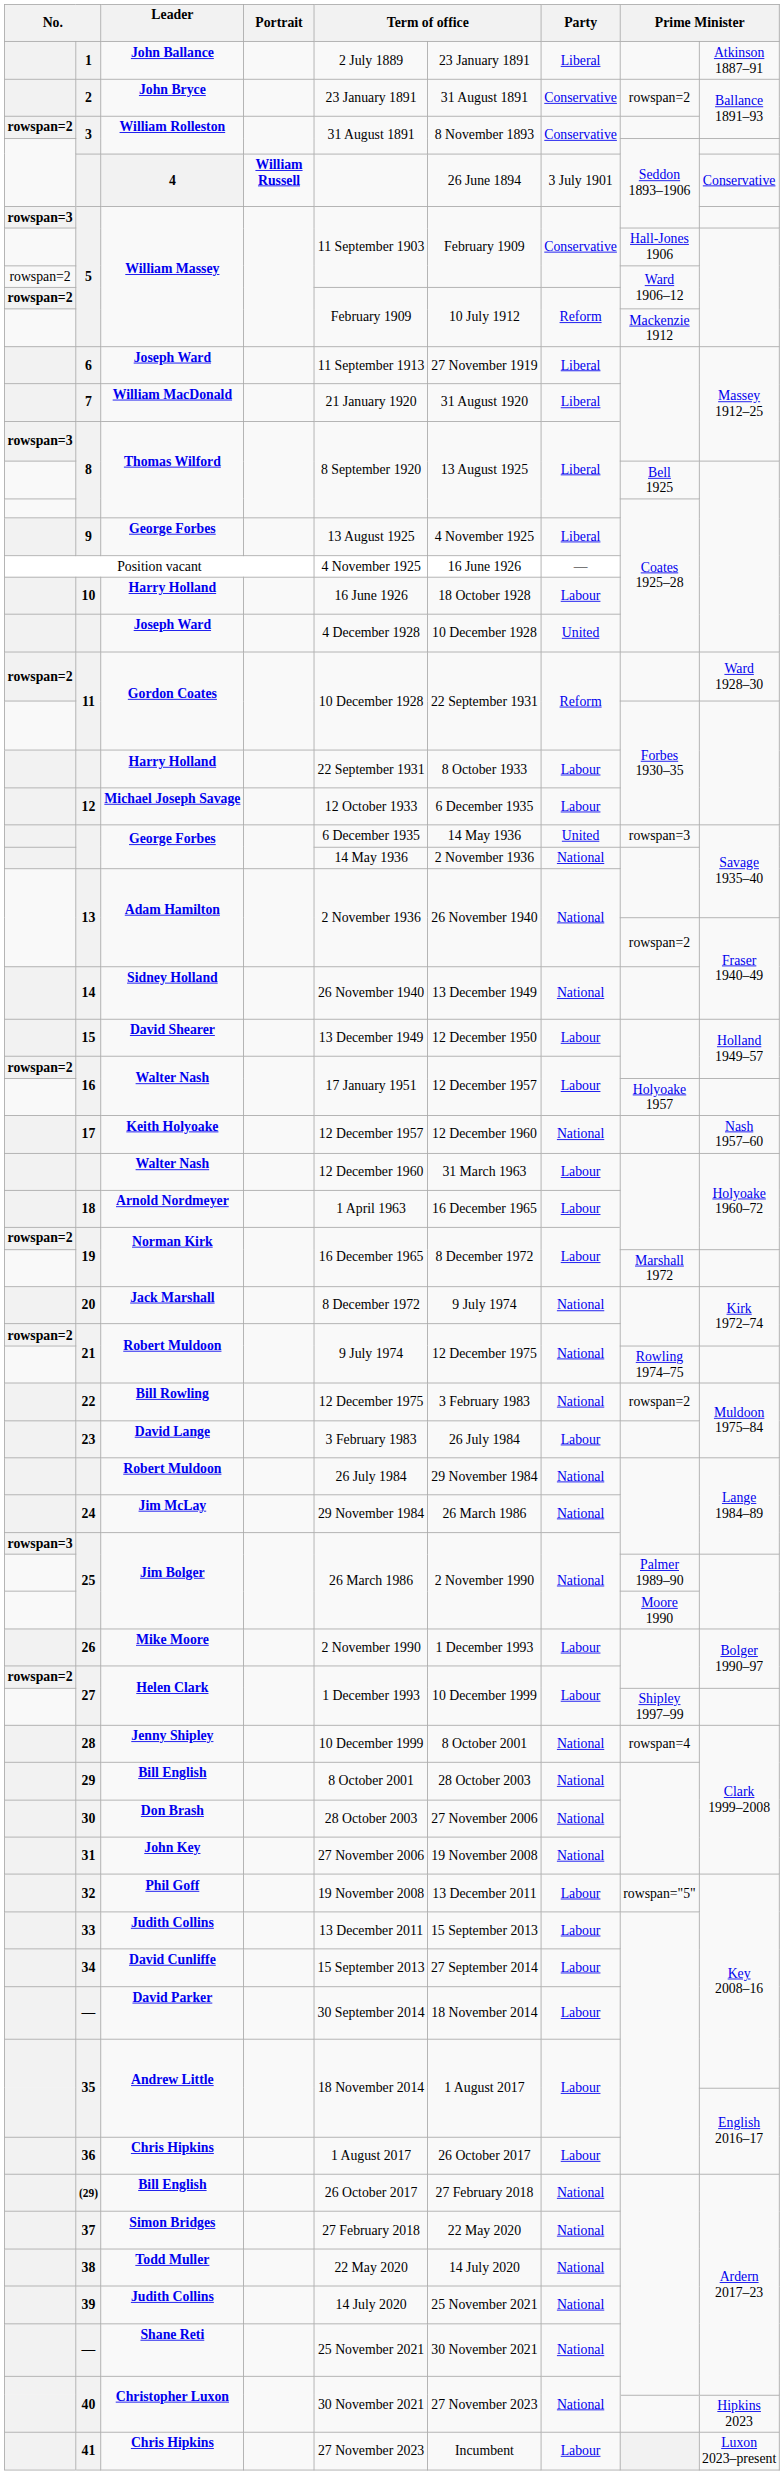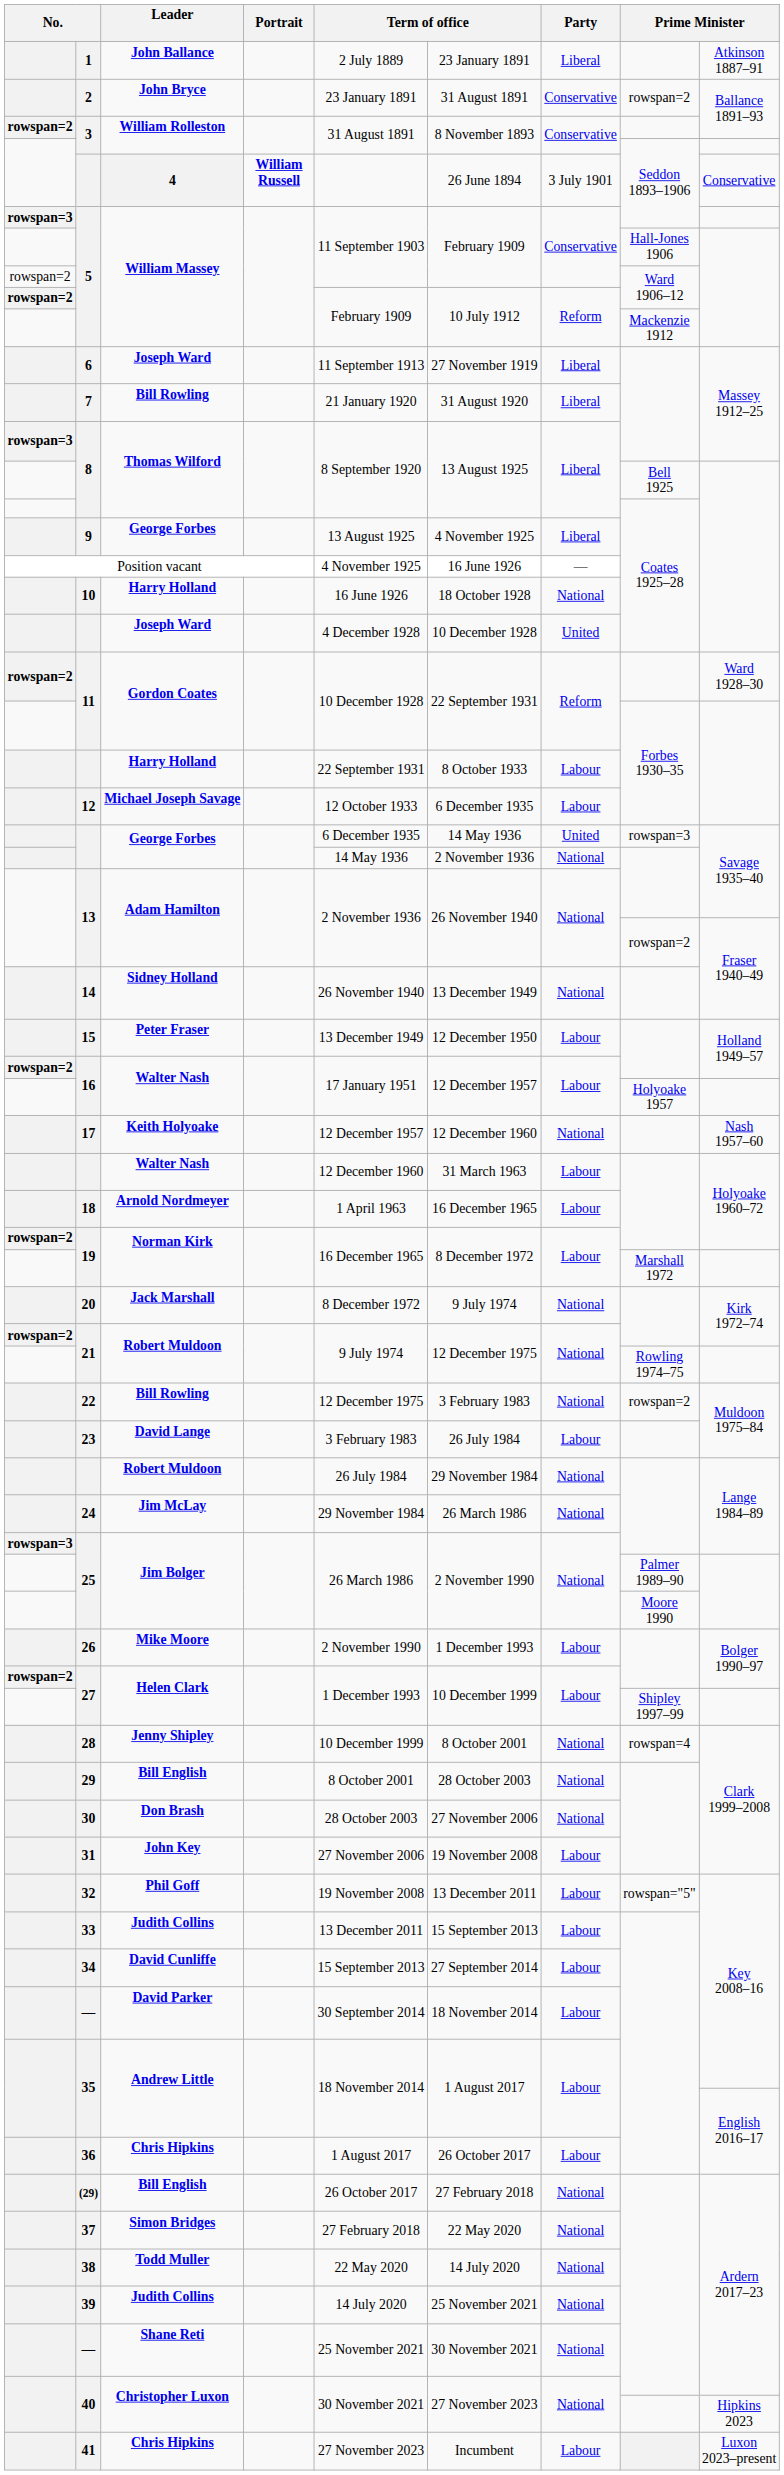 <table class="wikitable" style="text-align:center">
 <tr>
 <th colspan=2>No.</th>
 <th>Leader<br><br></th>
 <th width="75">Portrait</th>
 <th colspan=2>Term of office</th>
 <th>Party</th>
 <th colspan=2>Prime Minister</th>
 </tr>
 <tr>
 <th></th>
 <th>1</th>
 <td><strong><a href='#'>John Ballance</a></strong><br><br></td>
 <td></td>
 <td>2 July 1889</td>
 <td>23 January 1891</td>
 <td><a href='#'>Liberal</a></td>
 <td></td>
 <td><a href='#'>Atkinson</a><br>1887–91</td>
 </tr>
 <tr>
 <th></th>
 <th>2</th>
 <td><strong><a href='#'>John Bryce</a></strong><br><br></td>
 <td></td>
 <td>23 January 1891</td>
 <td>31 August 1891</td>
 <td><a href='#'>Conservative</a></td>
 <td>rowspan=2 </td>
 <td rowspan=2><a href='#'>Ballance</a><br>1891–93</td>
 </tr>
 <tr>
 <th>rowspan=2 </th>
 <th rowspan=2>3</th>
 <td rowspan=2><strong><a href='#'>William Rolleston</a></strong><br><br></td>
 <td rowspan=2></td>
 <td rowspan=2>31 August 1891</td>
 <td rowspan=2>8 November 1893</td>
 <td rowspan=2><a href='#'>Conservative</a></td>
 </tr>
 <tr>
 <td rowspan=2 style="border-bottom:solid 0 grey; background:"></td>
 <td rowspan=3><a href='#'>Seddon</a><br>1893–1906</td>
 </tr>
 <tr>
 <th></th>
 <th>4</th>
 <td><strong><a href='#'>William Russell</a></strong><br><br></td>
 <td></td>
 <td>26 June 1894</td>
 <td>3 July 1901</td>
 <td><a href='#'>Conservative</a></td>
 </tr>
 <tr>
 <th>rowspan=3 </th>
 <th rowspan=5>5</th>
 <td rowspan=5><strong><a href='#'>William Massey</a></strong><br><br></td>
 <td rowspan=5></td>
 <td rowspan=3>11 September 1903</td>
 <td rowspan=3>February 1909</td>
 <td rowspan=3><a href='#'>Conservative</a></td>
 <td height=15 style="border-top:solid 0 grey; background:"></td>
 </tr>
 <tr>
 <td></td>
 <td><a href='#'>Hall-Jones</a><br>1906</td>
 </tr>
 <tr>
 <td>rowspan=2 </td>
 <td rowspan=2><a href='#'>Ward</a><br>1906–12</td>
 </tr>
 <tr>
 <th>rowspan=2 </th>
 <td rowspan=2>February 1909</td>
 <td rowspan=2>10 July 1912</td>
 <td rowspan=2><a href='#'>Reform</a></td>
 </tr>
 <tr>
 <td></td>
 <td><a href='#'>Mackenzie</a><br>1912</td>
 </tr>
 <tr>
 <th></th>
 <th>6</th>
 <td><strong><a href='#'>Joseph Ward</a></strong><br><br></td>
 <td></td>
 <td>11 September 1913</td>
 <td>27 November 1919</td>
 <td><a href='#'>Liberal</a></td>
 <td rowspan=2 style="border-bottom:solid 0 grey; background:"></td>
 <td rowspan=3><a href='#'>Massey</a><br>1912–25</td>
 </tr>
 <tr>
 <th></th>
 <th>7</th>
-<td><strong><a href='#'>William MacDonald</a></strong><br><br></td>
+<td><strong><a href='#'>Bill Rowling</a></strong><br><br></td>
 <td></td>
 <td>21 January 1920</td>
 <td>31 August 1920</td>
 <td><a href='#'>Liberal</a></td>
 </tr>
 <tr>
 <th>rowspan=3 </th>
 <th rowspan=3>8</th>
 <td rowspan=3><strong><a href='#'>Thomas Wilford</a></strong><br><br></td>
 <td rowspan=3></td>
 <td rowspan=3>8 September 1920</td>
 <td rowspan=3>13 August 1925</td>
 <td rowspan=3><a href='#'>Liberal</a></td>
 <td height=40 style="border-top:solid 0 grey; background:"></td>
 </tr>
 <tr>
 <td height=5 style="background:"></td>
 <td><a href='#'>Bell</a><br>1925</td>
 </tr>
 <tr>
 <td height=15 style="border-bottom:solid 0 grey; background:"></td>
 <td rowspan=5><a href='#'>Coates</a><br>1925–28</td>
 </tr>
 <tr>
 <th></th>
 <th>9</th>
 <td><strong><a href='#'>George Forbes</a></strong><br><br></td>
 <td></td>
 <td>13 August 1925</td>
 <td>4 November 1925</td>
 <td><a href='#'>Liberal</a></td>
 <td rowspan=4 style="border-top:solid 0 grey; background:"></td>
 </tr>
 <tr bgcolor=white>
 <td colspan=4 align=center>Position vacant<br></td>
 <td>4 November 1925</td>
 <td>16 June 1926</td>
 <td>—</td>
 </tr>
 <tr>
 <th></th>
 <th>10</th>
 <td><strong><a href='#'>Harry Holland</a></strong><br><br></td>
 <td></td>
 <td>16 June 1926</td>
 <td>18 October 1928</td>
-<td><a href='#'>Labour</a></td>
+<td><a href='#'>National</a></td>
 </tr>
 <tr>
 <th></th>
 <th></th>
 <td><strong><a href='#'>Joseph Ward</a></strong><br><br></td>
 <td></td>
 <td>4 December 1928</td>
 <td>10 December 1928</td>
 <td><a href='#'>United</a></td>
 </tr>
 <tr>
 <th>rowspan=2 </th>
 <th rowspan=2>11</th>
 <td rowspan=2><strong><a href='#'>Gordon Coates</a></strong><br><br></td>
 <td rowspan=2></td>
 <td rowspan=2>10 December 1928</td>
 <td rowspan=2>22 September 1931</td>
 <td rowspan=2><a href='#'>Reform</a></td>
 <td height=50 style="background:"></td>
 <td><a href='#'>Ward</a><br>1928–30</td>
 </tr>
 <tr>
 <td height=50 style="border-bottom:solid 0 grey; background:"></td>
 <td rowspan=3><a href='#'>Forbes</a><br>1930–35</td>
 </tr>
 <tr>
 <th></th>
 <th></th>
 <td><strong><a href='#'>Harry Holland</a></strong><br><br></td>
 <td></td>
 <td>22 September 1931</td>
 <td>8 October 1933</td>
 <td><a href='#'>Labour</a></td>
 <td rowspan=2 style="border-top:solid 0 grey; background:"></td>
 </tr>
 <tr>
 <th></th>
 <th>12</th>
 <td><strong><a href='#'>Michael Joseph Savage</a></strong><br><br></td>
 <td></td>
 <td>12 October 1933</td>
 <td>6 December 1935</td>
 <td><a href='#'>Labour</a></td>
 </tr>
 <tr>
 <th></th>
 <th rowspan=2></th>
 <td rowspan=2><strong><a href='#'>George Forbes</a></strong><br><br></td>
 <td rowspan=2></td>
 <td>6 December 1935</td>
 <td>14 May 1936</td>
 <td><a href='#'>United</a></td>
 <td>rowspan=3 </td>
 <td rowspan=3><a href='#'>Savage</a><br>1935–40</td>
 </tr>
 <tr>
 <th></th>
 <td>14 May 1936</td>
 <td>2 November 1936</td>
 <td><a href='#'>National</a></td>
 </tr>
 <tr>
 <td height=50 style="border-bottom:solid 0 grey; background:"></td>
 <th rowspan=2>13</th>
 <td rowspan=2><strong><a href='#'>Adam Hamilton</a></strong><br><br></td>
 <td rowspan=2></td>
 <td rowspan=2>2 November 1936</td>
 <td rowspan=2>26 November 1940</td>
 <td rowspan=2><a href='#'>National</a></td>
 </tr>
 <tr>
 <td height=50 style="border-top:solid 0 grey; background:"></td>
 <td>rowspan=2 </td>
 <td rowspan=2><a href='#'>Fraser</a><br>1940–49</td>
 </tr>
 <tr>
 <th></th>
 <th>14</th>
 <td><strong><a href='#'>Sidney Holland</a></strong><br><br><br></td>
 <td></td>
 <td>26 November 1940</td>
 <td>13 December 1949</td>
 <td><a href='#'>National</a></td>
 </tr>
 <tr>
 <th></th>
 <th>15</th>
-<td><strong><a href='#'>David Shearer</a></strong><br><br></td>
+<td><strong><a href='#'>Peter Fraser</a></strong><br><br></td>
 <td></td>
 <td>13 December 1949</td>
 <td>12 December 1950</td>
 <td><a href='#'>Labour</a></td>
 <td style="border-bottom:solid 0 grey; background:"></td>
 <td rowspan=2><a href='#'>Holland</a><br>1949–57</td>
 </tr>
 <tr>
 <th>rowspan=2 </th>
 <th rowspan=2>16</th>
 <td rowspan=2><strong><a href='#'>Walter Nash</a></strong><br><br></td>
 <td rowspan=2></td>
 <td rowspan=2>17 January 1951</td>
 <td rowspan=2>12 December 1957</td>
 <td rowspan=2><a href='#'>Labour</a></td>
 <td height=15 style="border-top:solid 0 grey; background:"></td>
 </tr>
 <tr>
 <td height=15 style="background:"></td>
 <td><a href='#'>Holyoake</a><br>1957</td>
 </tr>
 <tr>
 <th></th>
 <th>17</th>
 <td><strong><a href='#'>Keith Holyoake</a></strong><br><br></td>
 <td></td>
 <td>12 December 1957</td>
 <td>12 December 1960</td>
 <td><a href='#'>National</a></td>
 <td></td>
 <td><a href='#'>Nash</a><br>1957–60</td>
 </tr>
 <tr>
 <th></th>
 <th></th>
 <td><strong><a href='#'>Walter Nash</a></strong><br><br></td>
 <td></td>
 <td>12 December 1960</td>
 <td>31 March 1963</td>
 <td><a href='#'>Labour</a></td>
 <td rowspan=2 style="border-bottom:solid 0 grey; background:"></td>
 <td rowspan=3><a href='#'>Holyoake</a><br>1960–72</td>
 </tr>
 <tr>
 <th></th>
 <th>18</th>
 <td><strong><a href='#'>Arnold Nordmeyer</a></strong><br><br></td>
 <td></td>
 <td>1 April 1963</td>
 <td>16 December 1965</td>
 <td><a href='#'>Labour</a></td>
 </tr>
 <tr>
 <th>rowspan=2 </th>
 <th rowspan=2>19</th>
 <td rowspan=2><strong><a href='#'>Norman Kirk</a></strong><br><br><br></td>
 <td rowspan=2></td>
 <td rowspan=2>16 December 1965</td>
 <td rowspan=2>8 December 1972</td>
 <td rowspan=2><a href='#'>Labour</a></td>
 <td height=15 style="border-top:solid 0 grey; background:"></td>
 </tr>
 <tr>
 <td height=15 style="background:"></td>
 <td><a href='#'>Marshall</a><br>1972</td>
 </tr>
 <tr>
 <th></th>
 <th>20</th>
 <td><strong><a href='#'>Jack Marshall</a></strong><br><br></td>
 <td></td>
 <td>8 December 1972</td>
 <td>9 July 1974</td>
 <td><a href='#'>National</a></td>
 <td style="border-bottom:solid 0 grey; background:"></td>
 <td rowspan=2><a href='#'>Kirk</a><br>1972–74</td>
 </tr>
 <tr>
 <th>rowspan=2 </th>
 <th rowspan=2>21</th>
 <td rowspan=2><strong><a href='#'>Robert Muldoon</a></strong><br><br></td>
 <td rowspan=2></td>
 <td rowspan=2>9 July 1974</td>
 <td rowspan=2>12 December 1975</td>
 <td rowspan=2><a href='#'>National</a></td>
 <td height=15 style="border-top:solid 0 grey; background:"></td>
 </tr>
 <tr>
 <td height=15 style="background:"></td>
 <td><a href='#'>Rowling</a><br>1974–75</td>
 </tr>
 <tr>
 <th></th>
 <th>22</th>
 <td><strong><a href='#'>Bill Rowling</a></strong><br><br></td>
 <td></td>
 <td>12 December 1975</td>
 <td>3 February 1983</td>
 <td><a href='#'>National</a></td>
 <td>rowspan=2 </td>
 <td rowspan=2><a href='#'>Muldoon</a><br>1975–84</td>
 </tr>
 <tr>
 <th></th>
 <th>23</th>
 <td><strong><a href='#'>David Lange</a></strong><br><br></td>
 <td></td>
 <td>3 February 1983</td>
 <td>26 July 1984</td>
 <td><a href='#'>Labour</a></td>
 </tr>
 <tr>
 <th></th>
 <th></th>
 <td><strong><a href='#'>Robert Muldoon</a></strong><br><br></td>
 <td></td>
 <td>26 July 1984</td>
 <td>29 November 1984</td>
 <td><a href='#'>National</a></td>
 <td rowspan=2 style="border-bottom:solid 0 grey; background:"></td>
 <td rowspan=3><a href='#'>Lange</a><br>1984–89</td>
 </tr>
 <tr>
 <th></th>
 <th>24</th>
 <td><strong><a href='#'>Jim McLay</a></strong><br><br></td>
 <td></td>
 <td>29 November 1984</td>
 <td>26 March 1986</td>
 <td><a href='#'>National</a></td>
 </tr>
 <tr>
 <th>rowspan=3 </th>
 <th rowspan=3>25</th>
 <td rowspan=3><strong><a href='#'>Jim Bolger</a></strong><br><br></td>
 <td rowspan=3></td>
 <td rowspan=3>26 March 1986</td>
 <td rowspan=3>2 November 1990</td>
 <td rowspan=3><a href='#'>National</a></td>
 <td height=15 style="border-top:solid 0 grey; background:"></td>
 </tr>
 <tr>
 <td height=15 style="background:"></td>
 <td><a href='#'>Palmer</a><br>1989–90</td>
 </tr>
 <tr>
 <td height=15 style="background:"></td>
 <td><a href='#'>Moore</a><br>1990</td>
 </tr>
 <tr>
 <th></th>
 <th>26</th>
 <td><strong><a href='#'>Mike Moore</a></strong><br><br></td>
 <td></td>
 <td>2 November 1990</td>
 <td>1 December 1993</td>
 <td><a href='#'>Labour</a></td>
 <td style="border-bottom:solid 0 grey; background:"></td>
 <td rowspan=2><a href='#'>Bolger</a><br>1990–97</td>
 </tr>
 <tr>
 <th>rowspan=2 </th>
 <th rowspan=2>27</th>
 <td rowspan=2><strong><a href='#'>Helen Clark</a></strong><br><br></td>
 <td rowspan=2></td>
 <td rowspan=2>1 December 1993</td>
 <td rowspan=2>10 December 1999</td>
 <td rowspan=2><a href='#'>Labour</a></td>
 <td height=15 style="border-top:solid 0 grey; background:"></td>
 </tr>
 <tr>
 <td height=15 style="background:"></td>
 <td><a href='#'>Shipley</a><br>1997–99</td>
 </tr>
 <tr>
 <th></th>
 <th>28</th>
 <td><strong><a href='#'>Jenny Shipley</a></strong><br><br></td>
 <td></td>
 <td>10 December 1999</td>
 <td>8 October 2001</td>
 <td><a href='#'>National</a></td>
 <td>rowspan=4 </td>
 <td rowspan=4><a href='#'>Clark</a><br>1999–2008</td>
 </tr>
 <tr>
 <th></th>
 <th>29</th>
 <td><strong><a href='#'>Bill English</a></strong><br><br></td>
 <td></td>
 <td>8 October 2001</td>
 <td>28 October 2003</td>
 <td><a href='#'>National</a></td>
 </tr>
 <tr>
 <th></th>
 <th>30</th>
 <td><strong><a href='#'>Don Brash</a></strong><br><br></td>
 <td></td>
 <td>28 October 2003</td>
 <td>27 November 2006</td>
 <td><a href='#'>National</a></td>
 </tr>
 <tr>
 <th></th>
 <th>31</th>
 <td><strong><a href='#'>John Key</a></strong><br><br></td>
 <td></td>
 <td>27 November 2006</td>
 <td>19 November 2008</td>
-<td><a href='#'>National</a></td>
+<td><a href='#'>Labour</a></td>
 </tr>
 <tr>
 <th></th>
 <th>32</th>
 <td><strong><a href='#'>Phil Goff</a></strong><br><br></td>
 <td></td>
 <td>19 November 2008</td>
 <td>13 December 2011</td>
 <td><a href='#'>Labour</a></td>
 <td>rowspan="5" </td>
 <td rowspan="5"><a href='#'>Key</a><br>2008–16</td>
 </tr>
 <tr>
 <th></th>
 <th>33</th>
 <td><strong><a href='#'>Judith Collins</a></strong><br><br></td>
 <td></td>
 <td>13 December 2011</td>
 <td>15 September 2013</td>
 <td><a href='#'>Labour</a></td>
 </tr>
 <tr>
 <th></th>
 <th>34</th>
 <td><strong><a href='#'>David Cunliffe</a></strong><br><br></td>
 <td></td>
 <td>15 September 2013</td>
 <td>27 September 2014</td>
 <td><a href='#'>Labour</a></td>
 </tr>
 <tr>
 <th></th>
 <th>—</th>
 <td><strong><a href='#'>David Parker</a></strong><br><br><br></td>
 <td></td>
 <td>30 September 2014</td>
 <td>18 November 2014</td>
 <td><a href='#'>Labour</a></td>
 </tr>
 <tr>
 <th height=50 style="border-bottom:solid 0 grey; background:"></th>
 <th rowspan=2>35</th>
 <td rowspan=2><strong><a href='#'>Andrew Little</a></strong><br><br></td>
 <td rowspan=2></td>
 <td rowspan=2>18 November 2014</td>
 <td rowspan=2>1 August 2017</td>
 <td rowspan=2><a href='#'>Labour</a></td>
 </tr>
 <tr>
 <th height=50 style="border-top:solid 0 grey; background:"></th>
 <td rowspan=2 height=15 style="border-top:solid 0 gray; background:"></td>
 <td rowspan=2><a href='#'>English</a><br>2016–17</td>
 </tr>
 <tr>
 <th></th>
 <th>36</th>
 <td><strong><a href='#'>Chris Hipkins</a></strong><br><br></td>
 <td></td>
 <td>1 August 2017</td>
 <td>26 October 2017</td>
 <td><a href='#'>Labour</a></td>
 </tr>
 <tr>
 <th></th>
 <th><small>(29)</small></th>
 <td><strong><a href='#'>Bill English</a></strong><br><br></td>
 <td></td>
 <td>26 October 2017</td>
 <td>27 February 2018</td>
 <td><a href='#'>National</a></td>
 <td rowspan=6 style="border-bottom:solid 0 grey; background:"></td>
 <td rowspan=6><a href='#'>Ardern</a><br>2017–23</td>
 </tr>
 <tr>
 <th></th>
 <th>37</th>
 <td><strong><a href='#'>Simon Bridges</a></strong><br><br></td>
 <td></td>
 <td>27 February 2018</td>
 <td>22 May 2020</td>
 <td><a href='#'>National</a></td>
 </tr>
 <tr>
 <th></th>
 <th>38</th>
 <td><strong><a href='#'>Todd Muller</a></strong><br><br></td>
 <td></td>
 <td>22 May 2020</td>
 <td>14 July 2020</td>
 <td><a href='#'>National</a></td>
 </tr>
 <tr>
 <th></th>
 <th>39</th>
 <td><strong><a href='#'>Judith Collins</a></strong><br><br></td>
 <td></td>
 <td>14 July 2020</td>
 <td>25 November 2021</td>
 <td><a href='#'>National</a></td>
 </tr>
 <tr>
 <th></th>
 <th>—</th>
 <td><strong><a href='#'>Shane Reti</a></strong><br><br><br></td>
 <td></td>
 <td>25 November 2021</td>
 <td>30 November 2021</td>
 <td><a href='#'>National</a></td>
 </tr>
 <tr>
 <th height=15 style="border-bottom:solid 0 grey; background:"></th>
 <th rowspan=2>40</th>
 <td rowspan=2><strong><a href='#'>Christopher Luxon</a></strong><br><br></td>
 <td rowspan=2></td>
 <td rowspan=2>30 November 2021</td>
 <td rowspan=2>27 November 2023</td>
 <td rowspan=2><a href='#'>National</a></td>
 </tr>
 <tr>
 <th height=15 style="border-top:solid 0 grey; background:"></th>
 <td style="background:"></td>
 <td><a href='#'>Hipkins</a><br>2023</td>
 </tr>
 <tr>
 <th height=15 style="border-bottom:solid 0 grey; background:"></th>
 <th>41</th>
 <td><strong><a href='#'>Chris Hipkins</a></strong><br><br></td>
 <td></td>
 <td>27 November 2023</td>
 <td>Incumbent</td>
 <td><a href='#'>Labour</a></td>
 <th style="background:"></th>
 <td><a href='#'>Luxon</a><br>2023–present</td>
 </tr>
 </table>
